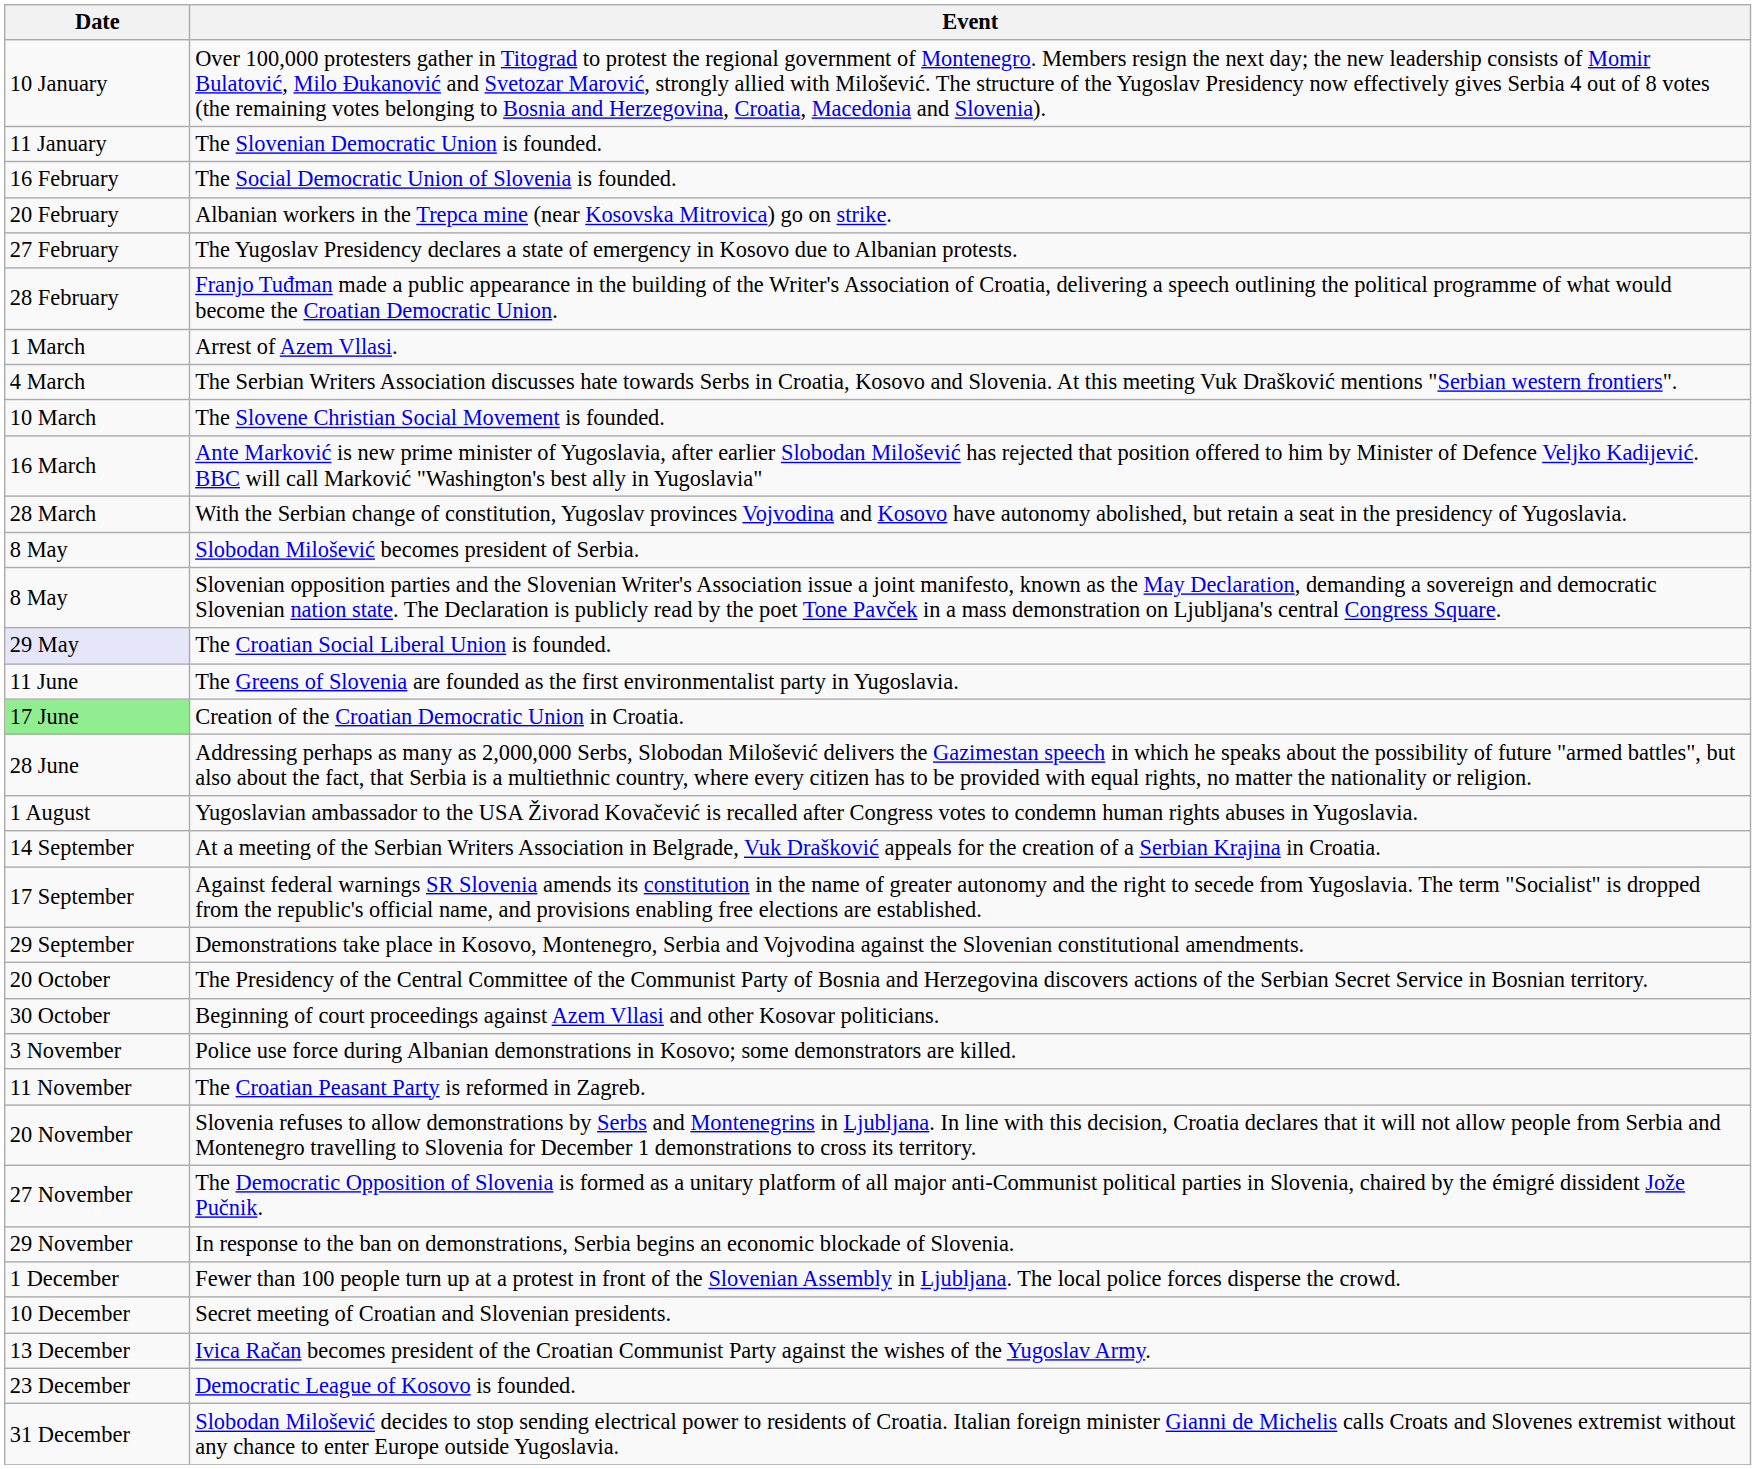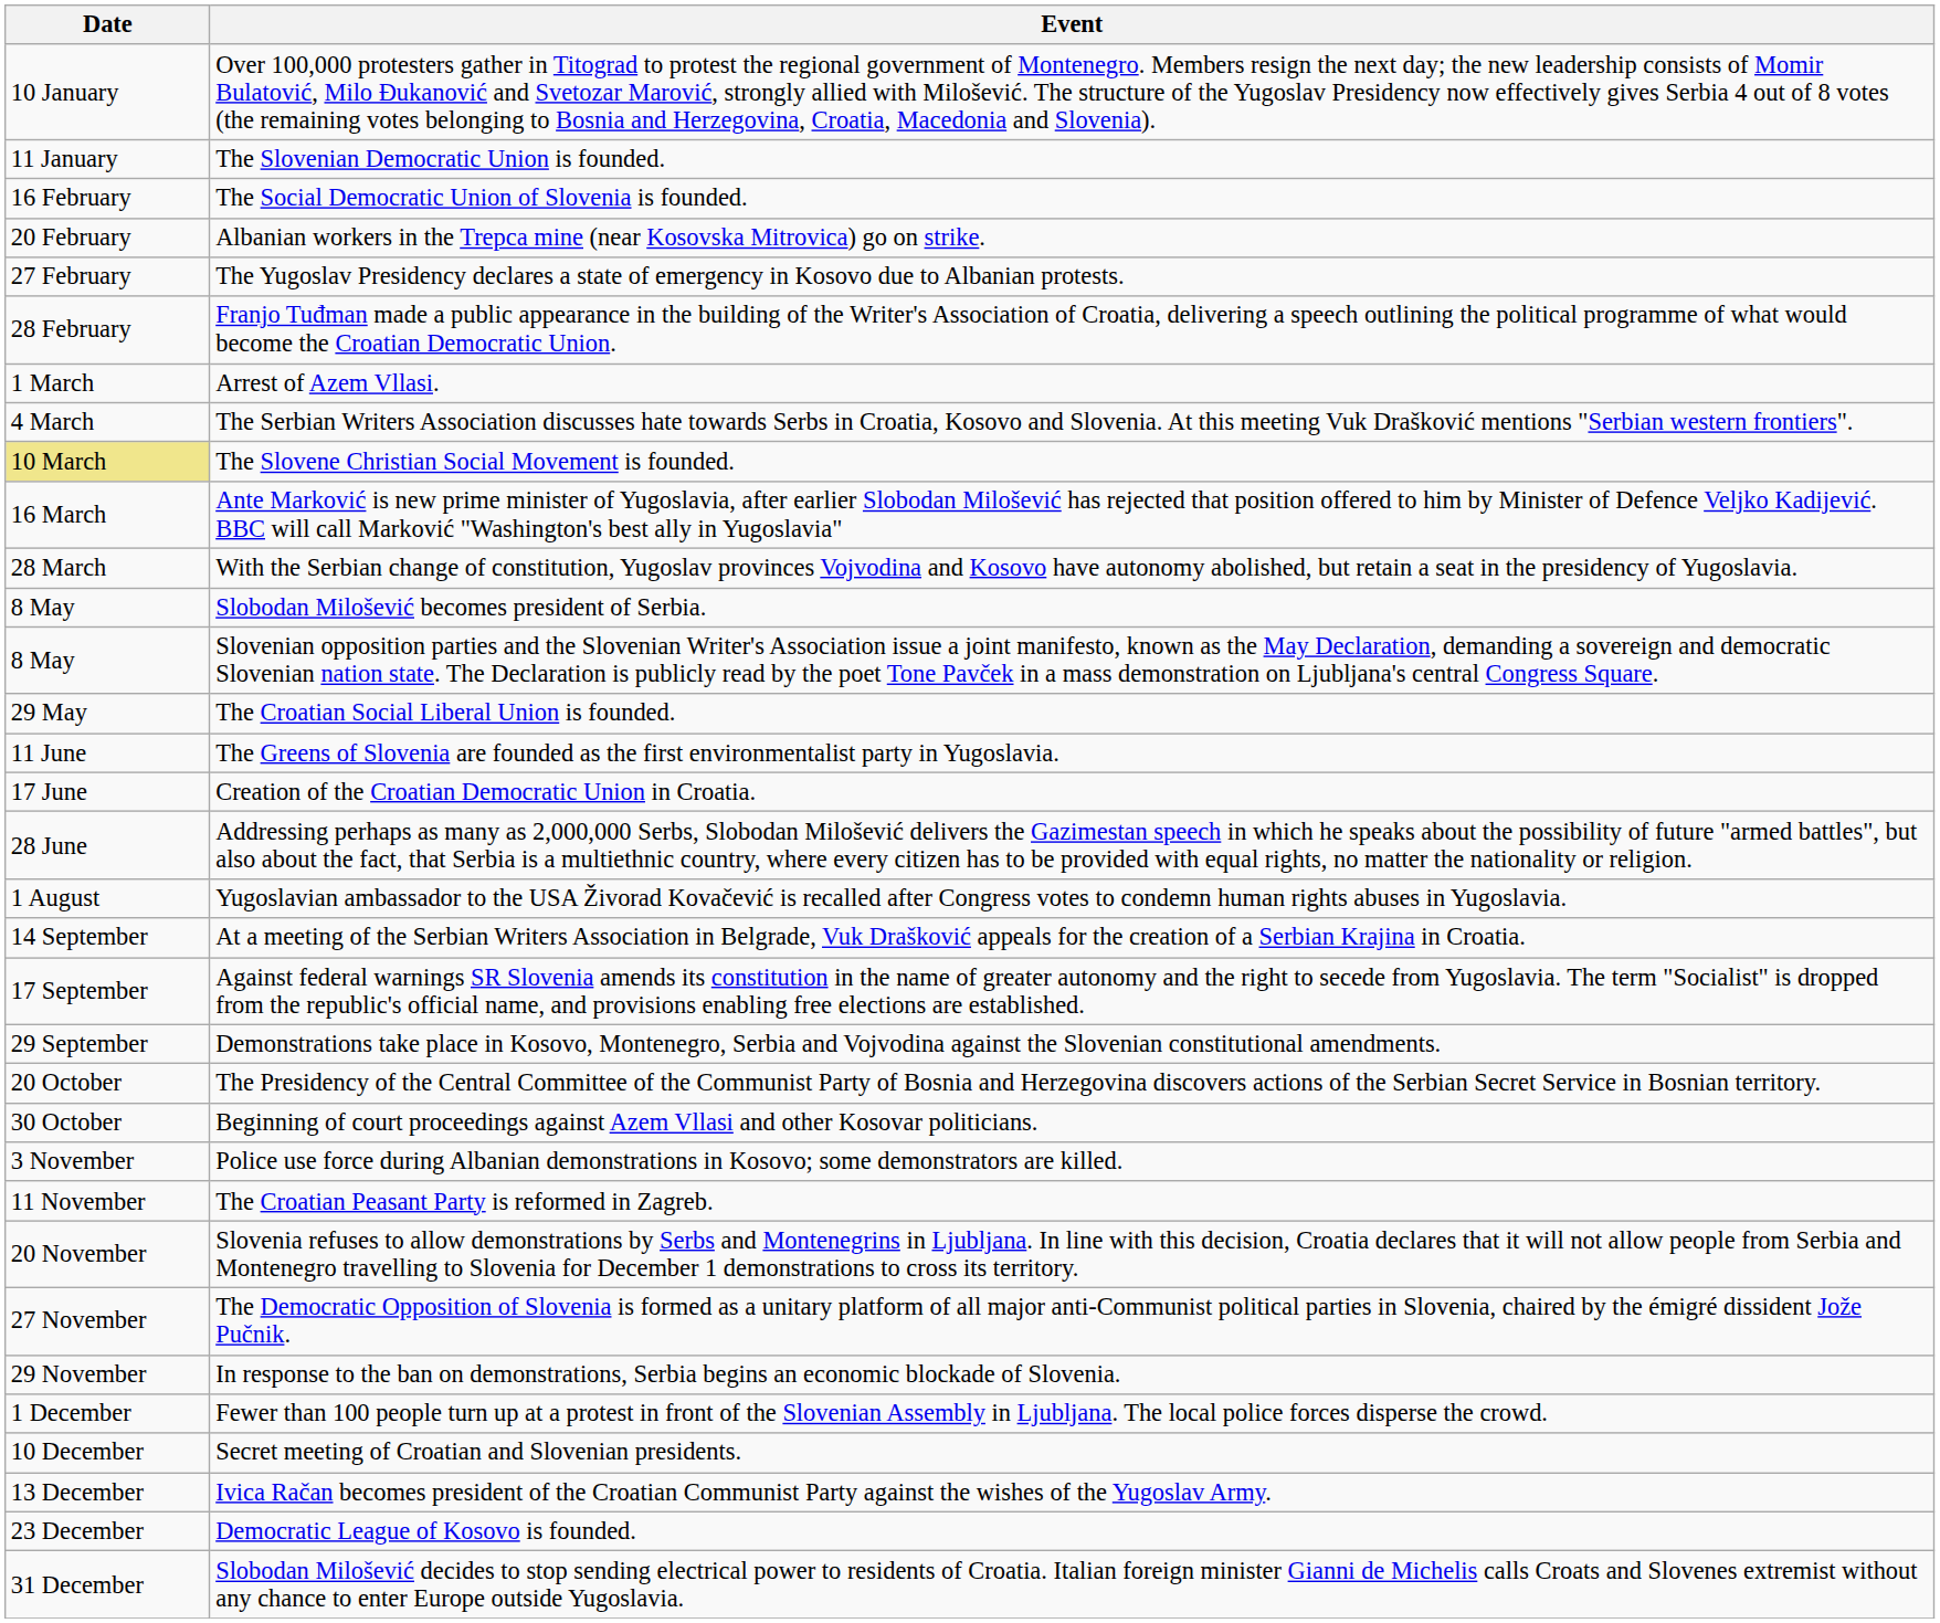 <table class="wikitable">
 <tr>
 <th width="125">Date</th>
 <th>Event</th>
 </tr>
 <tr>
 <td>10 January</td>
 <td>Over 100,000 protesters gather in <a href='#'>Titograd</a> to protest the regional government of <a href='#'>Montenegro</a>. Members resign the next day; the new leadership consists of <a href='#'>Momir Bulatović</a>, <a href='#'>Milo Đukanović</a> and <a href='#'>Svetozar Marović</a>, strongly allied with Milošević. The structure of the Yugoslav Presidency now effectively gives Serbia 4 out of 8 votes (the remaining votes belonging to <a href='#'>Bosnia and Herzegovina</a>, <a href='#'>Croatia</a>, <a href='#'>Macedonia</a> and <a href='#'>Slovenia</a>).</td>
 </tr>
 <tr>
 <td>11 January</td>
 <td>The <a href='#'>Slovenian Democratic Union</a> is founded.</td>
 </tr>
 <tr>
 <td>16 February</td>
 <td>The <a href='#'>Social Democratic Union of Slovenia</a> is founded.</td>
 </tr>
 <tr>
 <td>20 February</td>
 <td>Albanian workers in the <a href='#'>Trepca mine</a> (near <a href='#'>Kosovska Mitrovica</a>) go on <a href='#'>strike</a>.</td>
 </tr>
 <tr>
 <td>27 February</td>
 <td>The Yugoslav Presidency declares a state of emergency in Kosovo due to Albanian protests.</td>
 </tr>
 <tr>
 <td>28 February</td>
 <td><a href='#'>Franjo Tuđman</a> made a public appearance in the building of the Writer's Association of Croatia, delivering a speech outlining the political programme of what would become the <a href='#'>Croatian Democratic Union</a>.</td>
 </tr>
 <tr>
 <td>1 March</td>
 <td>Arrest of <a href='#'>Azem Vllasi</a>.</td>
 </tr>
 <tr>
 <td>4 March</td>
 <td>The Serbian Writers Association discusses hate towards Serbs in Croatia, Kosovo and Slovenia. At this meeting Vuk Drašković mentions "<a href='#'>Serbian western frontiers</a>".</td>
 </tr>
 <tr>
-<td>10 March</td>
+<td style="background: khaki;">10 March</td>
 <td>The <a href='#'>Slovene Christian Social Movement</a> is founded.</td>
 </tr>
 <tr>
 <td>16 March</td>
 <td><a href='#'>Ante Marković</a> is new prime minister of Yugoslavia, after earlier <a href='#'>Slobodan Milošević</a> has rejected that position offered to him by Minister of Defence <a href='#'>Veljko Kadijević</a>. <a href='#'>BBC</a> will call Marković "Washington's best ally in Yugoslavia" </td>
 </tr>
 <tr>
 <td>28 March</td>
 <td>With the Serbian change of constitution, Yugoslav provinces <a href='#'>Vojvodina</a> and <a href='#'>Kosovo</a> have autonomy abolished, but retain a seat in the presidency of Yugoslavia.</td>
 </tr>
 <tr>
 <td>8 May</td>
 <td><a href='#'>Slobodan Milošević</a> becomes president of Serbia.</td>
 </tr>
 <tr>
 <td>8 May</td>
 <td>Slovenian opposition parties and the Slovenian Writer's Association issue a joint manifesto, known as the <a href='#'>May Declaration</a>, demanding a sovereign and democratic Slovenian <a href='#'>nation state</a>. The Declaration is publicly read by the poet <a href='#'>Tone Pavček</a> in a mass demonstration on Ljubljana's central <a href='#'>Congress Square</a>.</td>
 </tr>
 <tr>
-<td style="background: lavender;">29 May</td>
+<td>29 May</td>
 <td>The <a href='#'>Croatian Social Liberal Union</a> is founded.</td>
 </tr>
 <tr>
 <td>11 June</td>
 <td>The <a href='#'>Greens of Slovenia</a> are founded as the first environmentalist party in Yugoslavia.</td>
 </tr>
 <tr>
-<td style="background: lightgreen;">17 June</td>
+<td>17 June</td>
 <td>Creation of the <a href='#'>Croatian Democratic Union</a> in Croatia.</td>
 </tr>
 <tr>
 <td>28 June</td>
 <td>Addressing perhaps as many as 2,000,000 Serbs, Slobodan Milošević delivers the <a href='#'>Gazimestan speech</a> in which he speaks about the possibility of future "armed battles", but also about the fact, that Serbia is a multiethnic country, where every citizen has to be provided with equal rights, no matter the nationality or religion.</td>
 </tr>
 <tr>
 <td>1 August</td>
 <td>Yugoslavian ambassador to the USA Živorad Kovačević is recalled after Congress votes to condemn human rights abuses in Yugoslavia.</td>
 </tr>
 <tr>
 <td>14 September</td>
 <td>At a meeting of the Serbian Writers Association in Belgrade, <a href='#'>Vuk Drašković</a> appeals for the creation of a <a href='#'>Serbian Krajina</a> in Croatia.</td>
 </tr>
 <tr>
 <td>17 September</td>
 <td>Against federal warnings <a href='#'>SR Slovenia</a> amends its <a href='#'>constitution</a> in the name of greater autonomy and the right to secede from Yugoslavia. The term "Socialist" is dropped from the republic's official name, and provisions enabling free elections are established.</td>
 </tr>
 <tr>
 <td>29 September</td>
 <td>Demonstrations take place in Kosovo, Montenegro, Serbia and Vojvodina against the Slovenian constitutional amendments.</td>
 </tr>
 <tr>
 <td>20 October</td>
 <td>The Presidency of the Central Committee of the Communist Party of Bosnia and Herzegovina discovers actions of the Serbian Secret Service in Bosnian territory.</td>
 </tr>
 <tr>
 <td>30 October</td>
 <td>Beginning of court proceedings against <a href='#'>Azem Vllasi</a> and other Kosovar politicians.</td>
 </tr>
 <tr>
 <td>3 November</td>
 <td>Police use force during Albanian demonstrations in Kosovo; some demonstrators are killed.</td>
 </tr>
 <tr>
 <td>11 November</td>
 <td>The <a href='#'>Croatian Peasant Party</a> is reformed in Zagreb.</td>
 </tr>
 <tr>
 <td>20 November</td>
 <td>Slovenia refuses to allow demonstrations by <a href='#'>Serbs</a> and <a href='#'>Montenegrins</a> in <a href='#'>Ljubljana</a>. In line with this decision, Croatia declares that it will not allow people from Serbia and Montenegro travelling to Slovenia for December 1 demonstrations to cross its territory.</td>
 </tr>
 <tr>
 <td>27 November</td>
 <td>The <a href='#'>Democratic Opposition of Slovenia</a> is formed as a unitary platform of all major anti-Communist political parties in Slovenia, chaired by the émigré dissident <a href='#'>Jože Pučnik</a>.</td>
 </tr>
 <tr>
 <td>29 November</td>
 <td>In response to the ban on demonstrations, Serbia begins an economic blockade of Slovenia.</td>
 </tr>
 <tr>
 <td>1 December</td>
 <td>Fewer than 100 people turn up at a protest in front of the <a href='#'>Slovenian Assembly</a> in <a href='#'>Ljubljana</a>. The local police forces disperse the crowd.</td>
 </tr>
 <tr>
 <td>10 December</td>
 <td>Secret meeting of Croatian and Slovenian presidents.</td>
 </tr>
 <tr>
 <td>13 December</td>
 <td><a href='#'>Ivica Račan</a> becomes president of the Croatian Communist Party against the wishes of the <a href='#'>Yugoslav Army</a>.</td>
 </tr>
 <tr>
 <td>23 December</td>
 <td><a href='#'>Democratic League of Kosovo</a> is founded.</td>
 </tr>
 <tr>
 <td>31 December</td>
 <td><a href='#'>Slobodan Milošević</a> decides to stop sending electrical power to residents of Croatia. Italian foreign minister <a href='#'>Gianni de Michelis</a> calls Croats and Slovenes extremist without any chance to enter Europe outside Yugoslavia.</td>
 </tr>
 </table>
